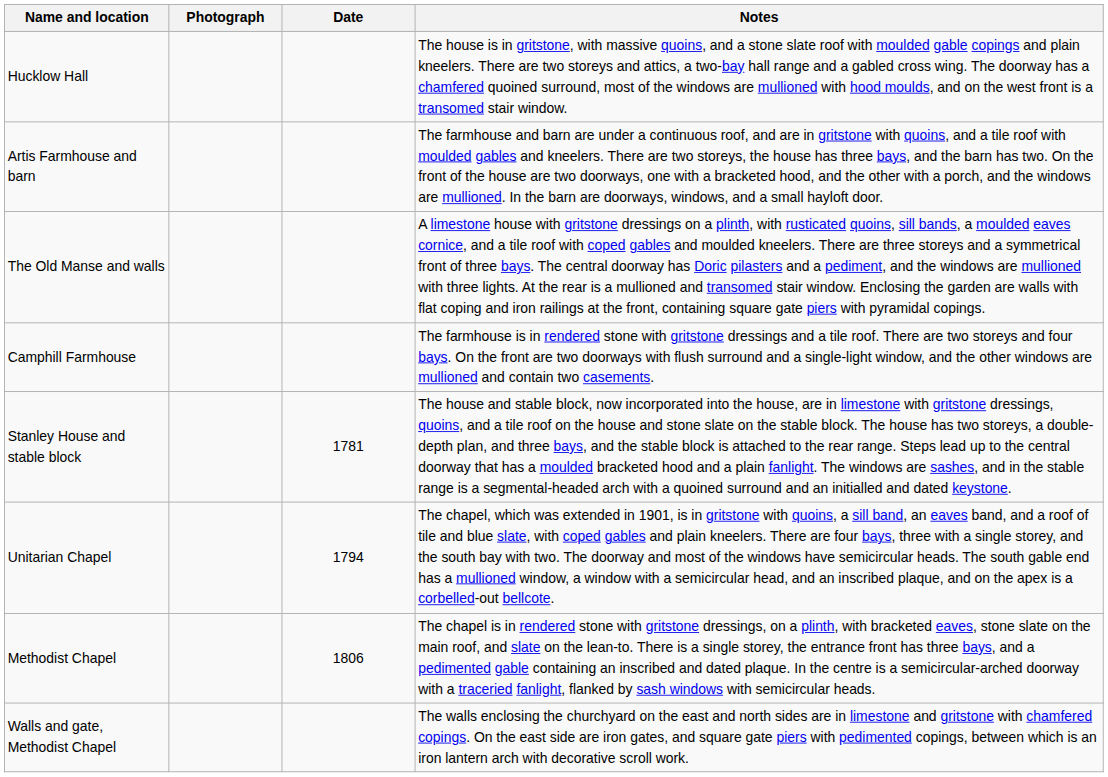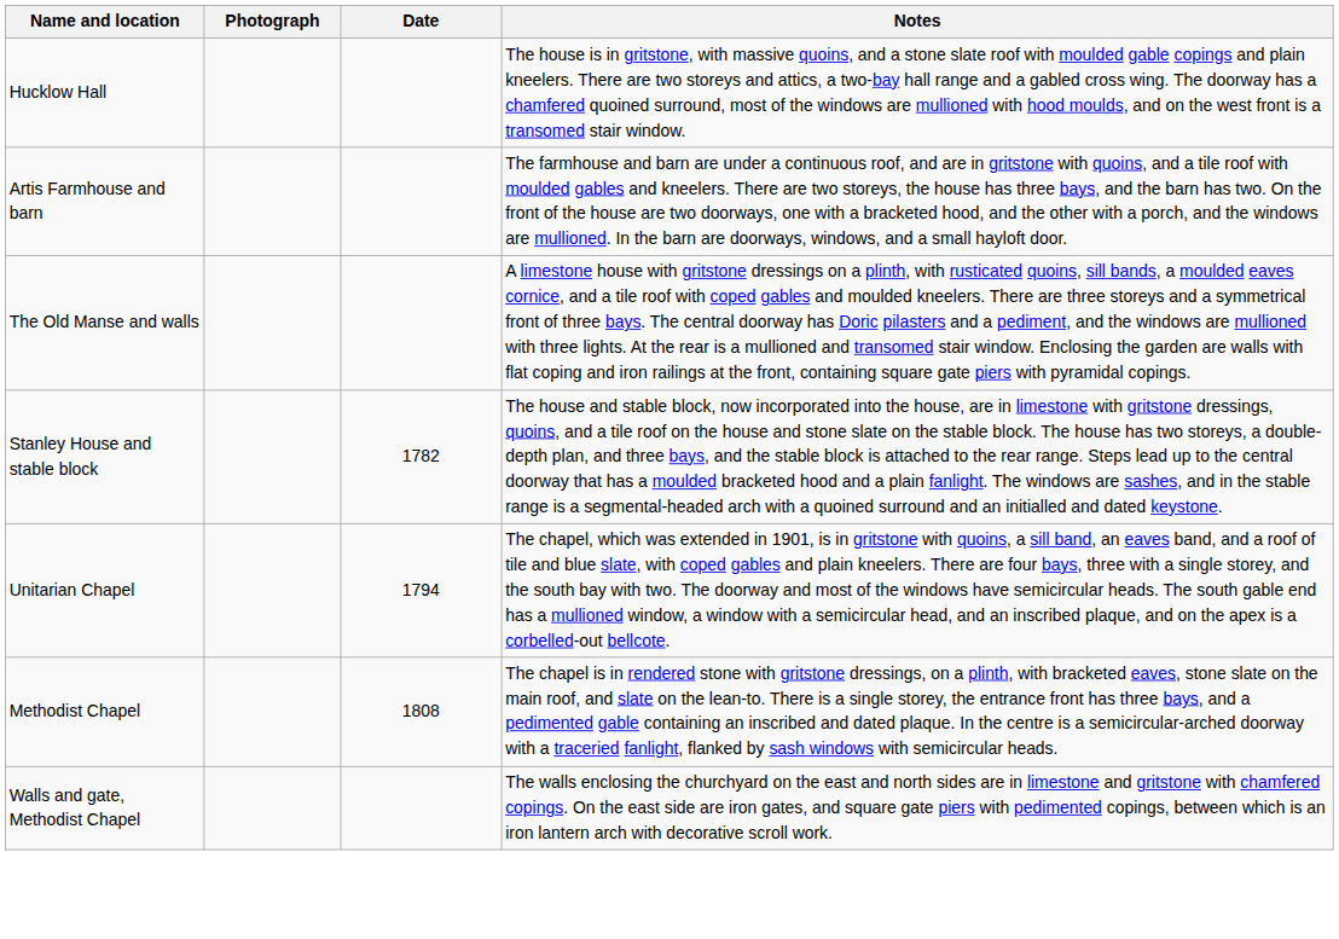 <table class="wikitable sortable plainrowheaders" style="width:100%;border:0px;text-align:left;line-height:150%;">
 <tr>
 <th scope="col"  style="width:150px">Name and location</th>
 <th scope="col"  style="width:100px" class="unsortable">Photograph</th>
 <th scope="col"  style="width:120px">Date</th>
 <th scope="col"  style="width:650px" class="unsortable">Notes</th>
 </tr>
 <tr>
 <td>Hucklow Hall<br><small></small></td>
 <td></td>
 <td align="center"></td>
 <td>The house is in <a href='#'>gritstone</a>, with massive <a href='#'>quoins</a>, and a stone slate roof with <a href='#'>moulded</a> <a href='#'>gable</a> <a href='#'>copings</a> and plain kneelers.  There are two storeys and attics, a two-<a href='#'>bay</a> hall range and a gabled cross wing.  The doorway has a <a href='#'>chamfered</a> quoined surround, most of the windows are <a href='#'>mullioned</a> with <a href='#'>hood moulds</a>, and on the west front is a <a href='#'>transomed</a> stair window.</td>
 </tr>
 <tr>
 <td>Artis Farmhouse and barn<br><small></small></td>
 <td></td>
 <td align="center"></td>
 <td>The farmhouse and barn are under a continuous roof, and are in <a href='#'>gritstone</a> with <a href='#'>quoins</a>, and a tile roof with <a href='#'>moulded</a> <a href='#'>gables</a> and kneelers.  There are two storeys, the house has three <a href='#'>bays</a>, and the barn has two.  On the front of the house are two doorways, one with a bracketed hood, and the other with a porch, and the windows are <a href='#'>mullioned</a>.  In the barn are doorways, windows, and a small hayloft door.</td>
 </tr>
 <tr>
 <td>The Old Manse and walls<br><small></small></td>
 <td></td>
 <td align="center"></td>
 <td>A <a href='#'>limestone</a> house with <a href='#'>gritstone</a> dressings on a <a href='#'>plinth</a>, with <a href='#'>rusticated</a> <a href='#'>quoins</a>, <a href='#'>sill bands</a>, a <a href='#'>moulded</a> <a href='#'>eaves</a> <a href='#'>cornice</a>, and a tile roof with <a href='#'>coped</a> <a href='#'>gables</a> and moulded kneelers.  There are three storeys and a symmetrical front of three <a href='#'>bays</a>.  The central doorway has <a href='#'>Doric</a> <a href='#'>pilasters</a> and a <a href='#'>pediment</a>, and the windows are <a href='#'>mullioned</a> with three lights.  At the rear is a mullioned and <a href='#'>transomed</a> stair window. Enclosing the garden are walls with flat coping and iron railings at the front, containing square gate <a href='#'>piers</a> with pyramidal copings.</td>
 </tr>
 <tr>
-<td>Camphill Farmhouse<br><small></small></td>
-<td></td>
-<td align="center"></td>
-<td>The farmhouse is in <a href='#'>rendered</a> stone with <a href='#'>gritstone</a> dressings and a tile roof.  There are two storeys and four <a href='#'>bays</a>.  On the front are two doorways with flush surround and a single-light window, and the other windows are <a href='#'>mullioned</a> and contain two <a href='#'>casements</a>.</td>
-</tr>
-<tr>
 <td>Stanley House and stable block<br><small></small></td>
 <td></td>
-<td align="center">1781</td>
+<td align="center">1782</td>
 <td>The house and stable block, now incorporated into the house, are in <a href='#'>limestone</a> with <a href='#'>gritstone</a> dressings, <a href='#'>quoins</a>, and a tile roof on the house and stone slate on the stable block.  The house has two storeys, a double-depth plan, and three <a href='#'>bays</a>, and the stable block is attached to the rear range.  Steps lead up to the central doorway that has a <a href='#'>moulded</a> bracketed hood and a plain <a href='#'>fanlight</a>.  The windows are <a href='#'>sashes</a>, and in the stable range is a segmental-headed arch with a quoined surround and an initialled and dated <a href='#'>keystone</a>.</td>
 </tr>
 <tr>
 <td>Unitarian Chapel<br><small></small></td>
 <td></td>
 <td align="center">1794</td>
 <td>The chapel, which was extended in 1901, is in <a href='#'>gritstone</a> with <a href='#'>quoins</a>, a <a href='#'>sill band</a>, an <a href='#'>eaves</a> band, and a roof of tile and blue <a href='#'>slate</a>, with <a href='#'>coped</a> <a href='#'>gables</a> and plain kneelers.  There are four <a href='#'>bays</a>, three with a single storey, and the south bay with two.  The doorway and most of the windows have semicircular heads.  The south gable end has a <a href='#'>mullioned</a> window, a window with a semicircular head, and an inscribed plaque, and on the apex is a <a href='#'>corbelled</a>-out <a href='#'>bellcote</a>.</td>
 </tr>
 <tr>
 <td>Methodist Chapel<br><small></small></td>
 <td></td>
-<td align="center">1806</td>
+<td align="center">1808</td>
 <td>The chapel is in <a href='#'>rendered</a> stone with <a href='#'>gritstone</a> dressings, on a <a href='#'>plinth</a>, with bracketed <a href='#'>eaves</a>, stone slate on the main roof, and <a href='#'>slate</a> on the lean-to.  There is a single storey, the entrance front has three <a href='#'>bays</a>, and a <a href='#'>pedimented</a> <a href='#'>gable</a> containing an inscribed and dated plaque.  In the centre is a semicircular-arched doorway with a <a href='#'>traceried</a> <a href='#'>fanlight</a>, flanked by <a href='#'>sash windows</a> with semicircular heads.</td>
 </tr>
 <tr>
 <td>Walls and gate, Methodist Chapel<br><small></small></td>
 <td></td>
 <td align="center"></td>
 <td>The walls enclosing the churchyard on the east and north sides are in <a href='#'>limestone</a> and <a href='#'>gritstone</a> with <a href='#'>chamfered</a> <a href='#'>copings</a>.  On the east side are iron gates, and square gate <a href='#'>piers</a> with <a href='#'>pedimented</a> copings, between which is an iron lantern arch with decorative scroll work.</td>
 </tr>
 <tr>
 </tr>
 </table>
